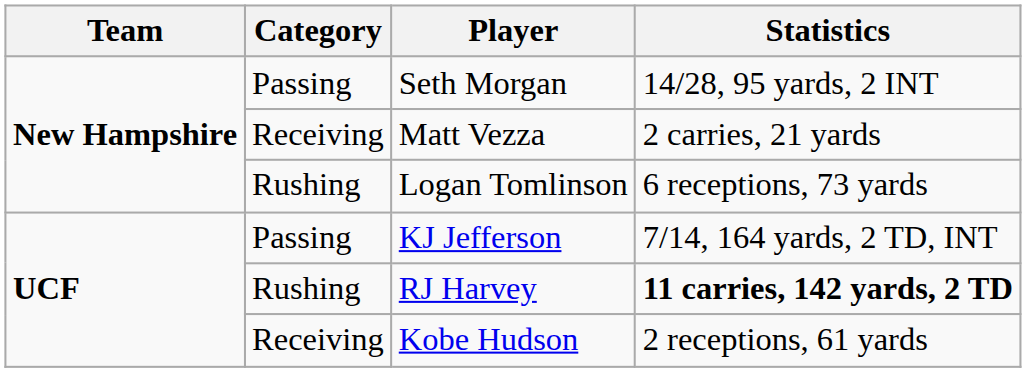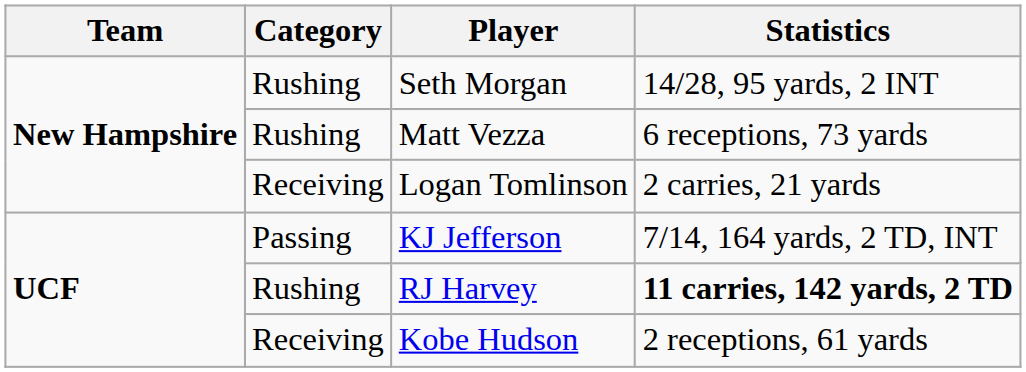 <table class="wikitable" style="float: right;">
 <tr>
 <th>Team</th>
 <th>Category</th>
 <th>Player</th>
 <th>Statistics</th>
 </tr>
 <tr>
 <td rowspan=3><strong>New Hampshire</strong></td>
-<td>Passing</td>
+<td>Rushing</td>
 <td>Seth Morgan</td>
 <td>14/28, 95 yards, 2 INT</td>
 </tr>
 <tr>
-<td>Receiving</td>
+<td>Rushing</td>
 <td>Matt Vezza</td>
-<td>2 carries, 21 yards</td>
+<td>6 receptions, 73 yards</td>
 </tr>
 <tr>
-<td>Rushing</td>
+<td>Receiving</td>
 <td>Logan Tomlinson</td>
-<td>6 receptions, 73 yards</td>
+<td>2 carries, 21 yards</td>
 </tr>
 <tr>
 <td rowspan=3><strong>UCF</strong></td>
 <td>Passing</td>
 <td><a href='#'>KJ Jefferson</a></td>
 <td>7/14, 164 yards, 2 TD, INT</td>
 </tr>
 <tr>
 <td>Rushing</td>
 <td><a href='#'>RJ Harvey</a></td>
 <td><strong>11 carries, 142 yards, 2 TD</strong></td>
 </tr>
 <tr>
 <td>Receiving</td>
 <td><a href='#'>Kobe Hudson</a></td>
 <td>2 receptions, 61 yards</td>
 </tr>
 </table>
